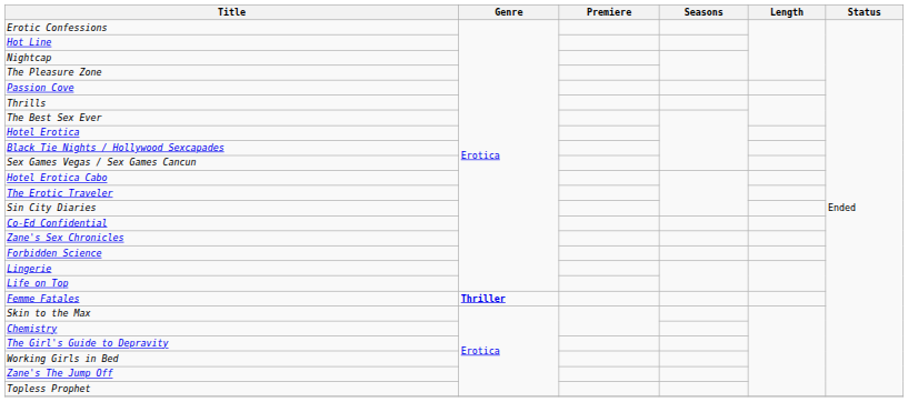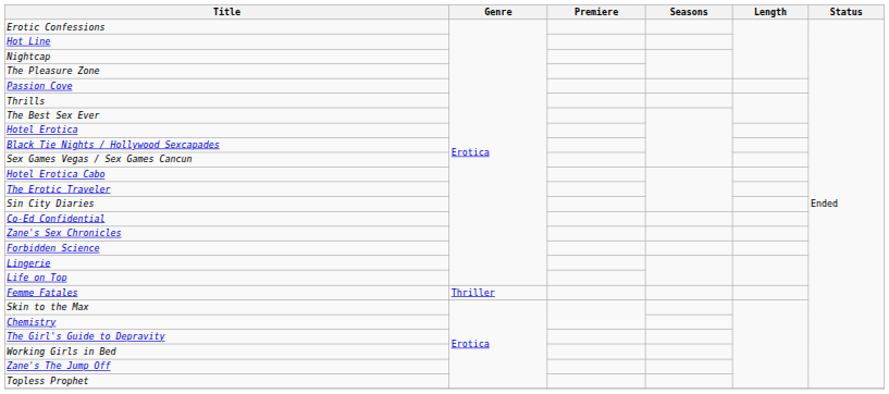 <table class="wikitable sortable" style="width:100%;">
 <tr>
 <th>Title</th>
 <th>Genre</th>
 <th>Premiere</th>
 <th>Seasons</th>
 <th>Length</th>
 <th>Status</th>
 </tr>
 <tr>
 <td><em>Erotic Confessions</em></td>
 <td rowspan="18"><a href='#'>Erotica</a></td>
 <td></td>
 <td></td>
 <td rowspan="4"></td>
 <td rowspan="25">Ended</td>
 </tr>
 <tr>
 <td><em><a href='#'>Hot Line</a></em></td>
 <td></td>
 <td></td>
 </tr>
 <tr>
 <td><em>Nightcap</em></td>
 <td></td>
 <td rowspan="2"></td>
 </tr>
 <tr>
 <td><em>The Pleasure Zone</em></td>
 <td></td>
 </tr>
 <tr>
 <td><em><a href='#'>Passion Cove</a></em></td>
 <td></td>
 <td></td>
 <td></td>
 </tr>
 <tr>
 <td><em>Thrills</em></td>
 <td></td>
 <td></td>
 <td rowspan="2"></td>
 </tr>
 <tr>
 <td><em>The Best Sex Ever</em></td>
 <td></td>
 <td rowspan="4"></td>
 </tr>
 <tr>
 <td><em><a href='#'>Hotel Erotica</a></em></td>
 <td></td>
 <td></td>
 </tr>
 <tr>
 <td><em><a href='#'>Black Tie Nights / Hollywood Sexcapades</a></em></td>
 <td></td>
 <td></td>
 </tr>
 <tr>
 <td><em>Sex Games Vegas / Sex Games Cancun</em></td>
 <td></td>
 <td></td>
 </tr>
 <tr>
 <td><em><a href='#'>Hotel Erotica Cabo</a></em></td>
 <td></td>
 <td rowspan="3"></td>
 <td></td>
 </tr>
 <tr>
 <td><em><a href='#'>The Erotic Traveler</a></em></td>
 <td></td>
 <td></td>
 </tr>
 <tr>
 <td><em>Sin City Diaries</em></td>
 <td></td>
 <td></td>
 </tr>
 <tr>
 <td><em><a href='#'>Co-Ed Confidential</a></em></td>
 <td></td>
 <td></td>
 <td></td>
 </tr>
 <tr>
 <td><em><a href='#'>Zane's Sex Chronicles</a></em></td>
 <td></td>
 <td></td>
 <td></td>
 </tr>
 <tr>
 <td><em><a href='#'>Forbidden Science</a></em></td>
 <td></td>
 <td></td>
 <td></td>
 </tr>
 <tr>
 <td><em><a href='#'>Lingerie</a></em></td>
 <td></td>
 <td rowspan="2"></td>
 <td rowspan="2"></td>
 </tr>
 <tr>
 <td><em><a href='#'>Life on Top</a></em></td>
 <td></td>
 </tr>
 <tr>
 <td><em><a href='#'>Femme Fatales</a></em></td>
-<td><strong><a href='#'>Thriller</a></strong></td>
+<td><a href='#'>Thriller</a></td>
 <td></td>
 <td></td>
 <td></td>
 </tr>
 <tr>
 <td><em>Skin to the Max</em></td>
 <td rowspan="6"><a href='#'>Erotica</a></td>
 <td rowspan="2"></td>
 <td></td>
 <td rowspan="6"></td>
 </tr>
 <tr>
 <td><em><a href='#'>Chemistry</a></em></td>
 <td></td>
 </tr>
 <tr>
 <td><em><a href='#'>The Girl's Guide to Depravity</a></em></td>
 <td></td>
 <td></td>
 </tr>
 <tr>
 <td><em>Working Girls in Bed</em></td>
 <td></td>
 <td></td>
 </tr>
 <tr>
 <td><em><a href='#'>Zane's The Jump Off</a></em></td>
 <td></td>
 <td></td>
 </tr>
 <tr>
 <td><em>Topless Prophet</em></td>
 <td></td>
 <td></td>
 </tr>
 <tr>
 </tr>
 </table>
